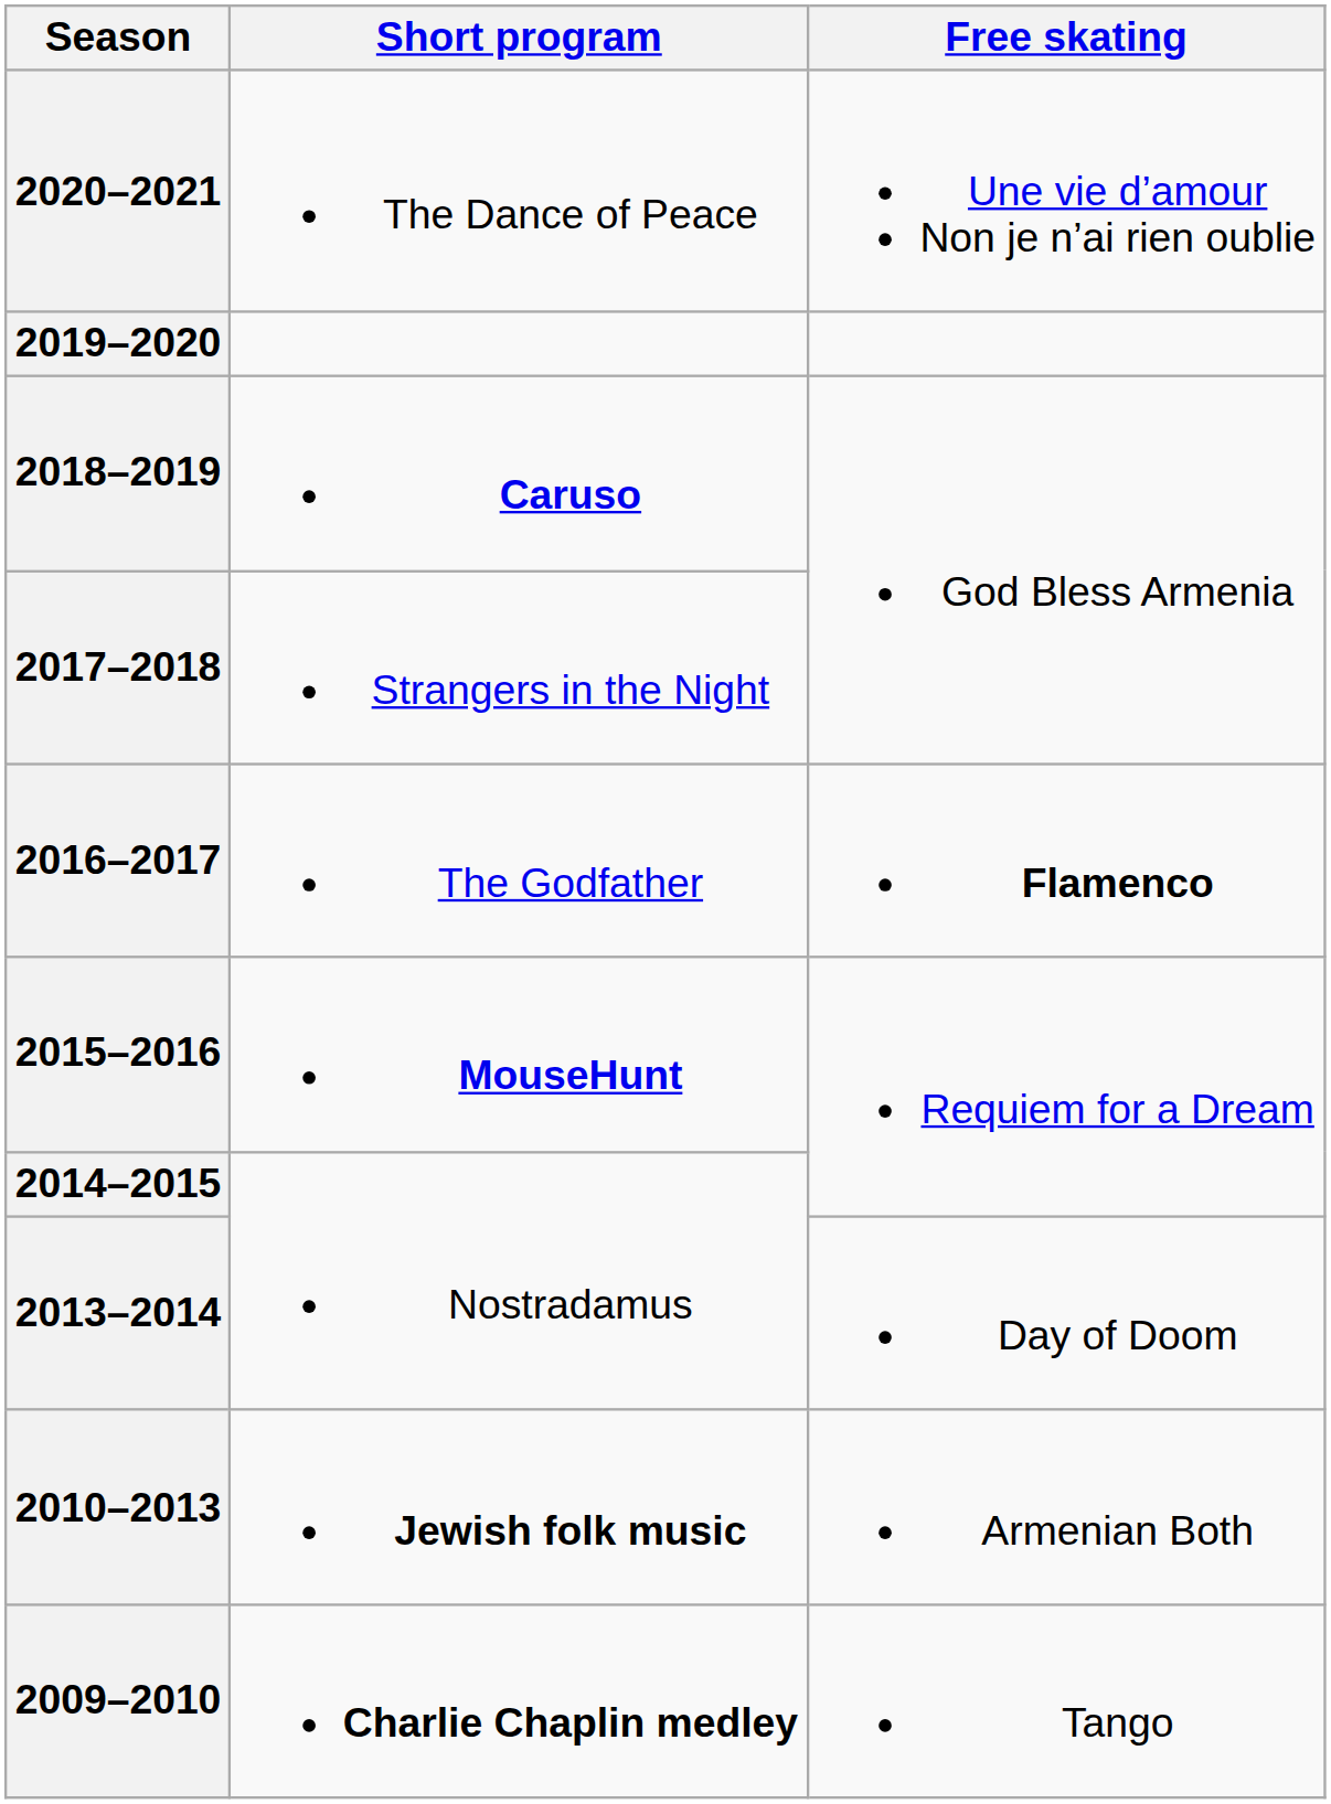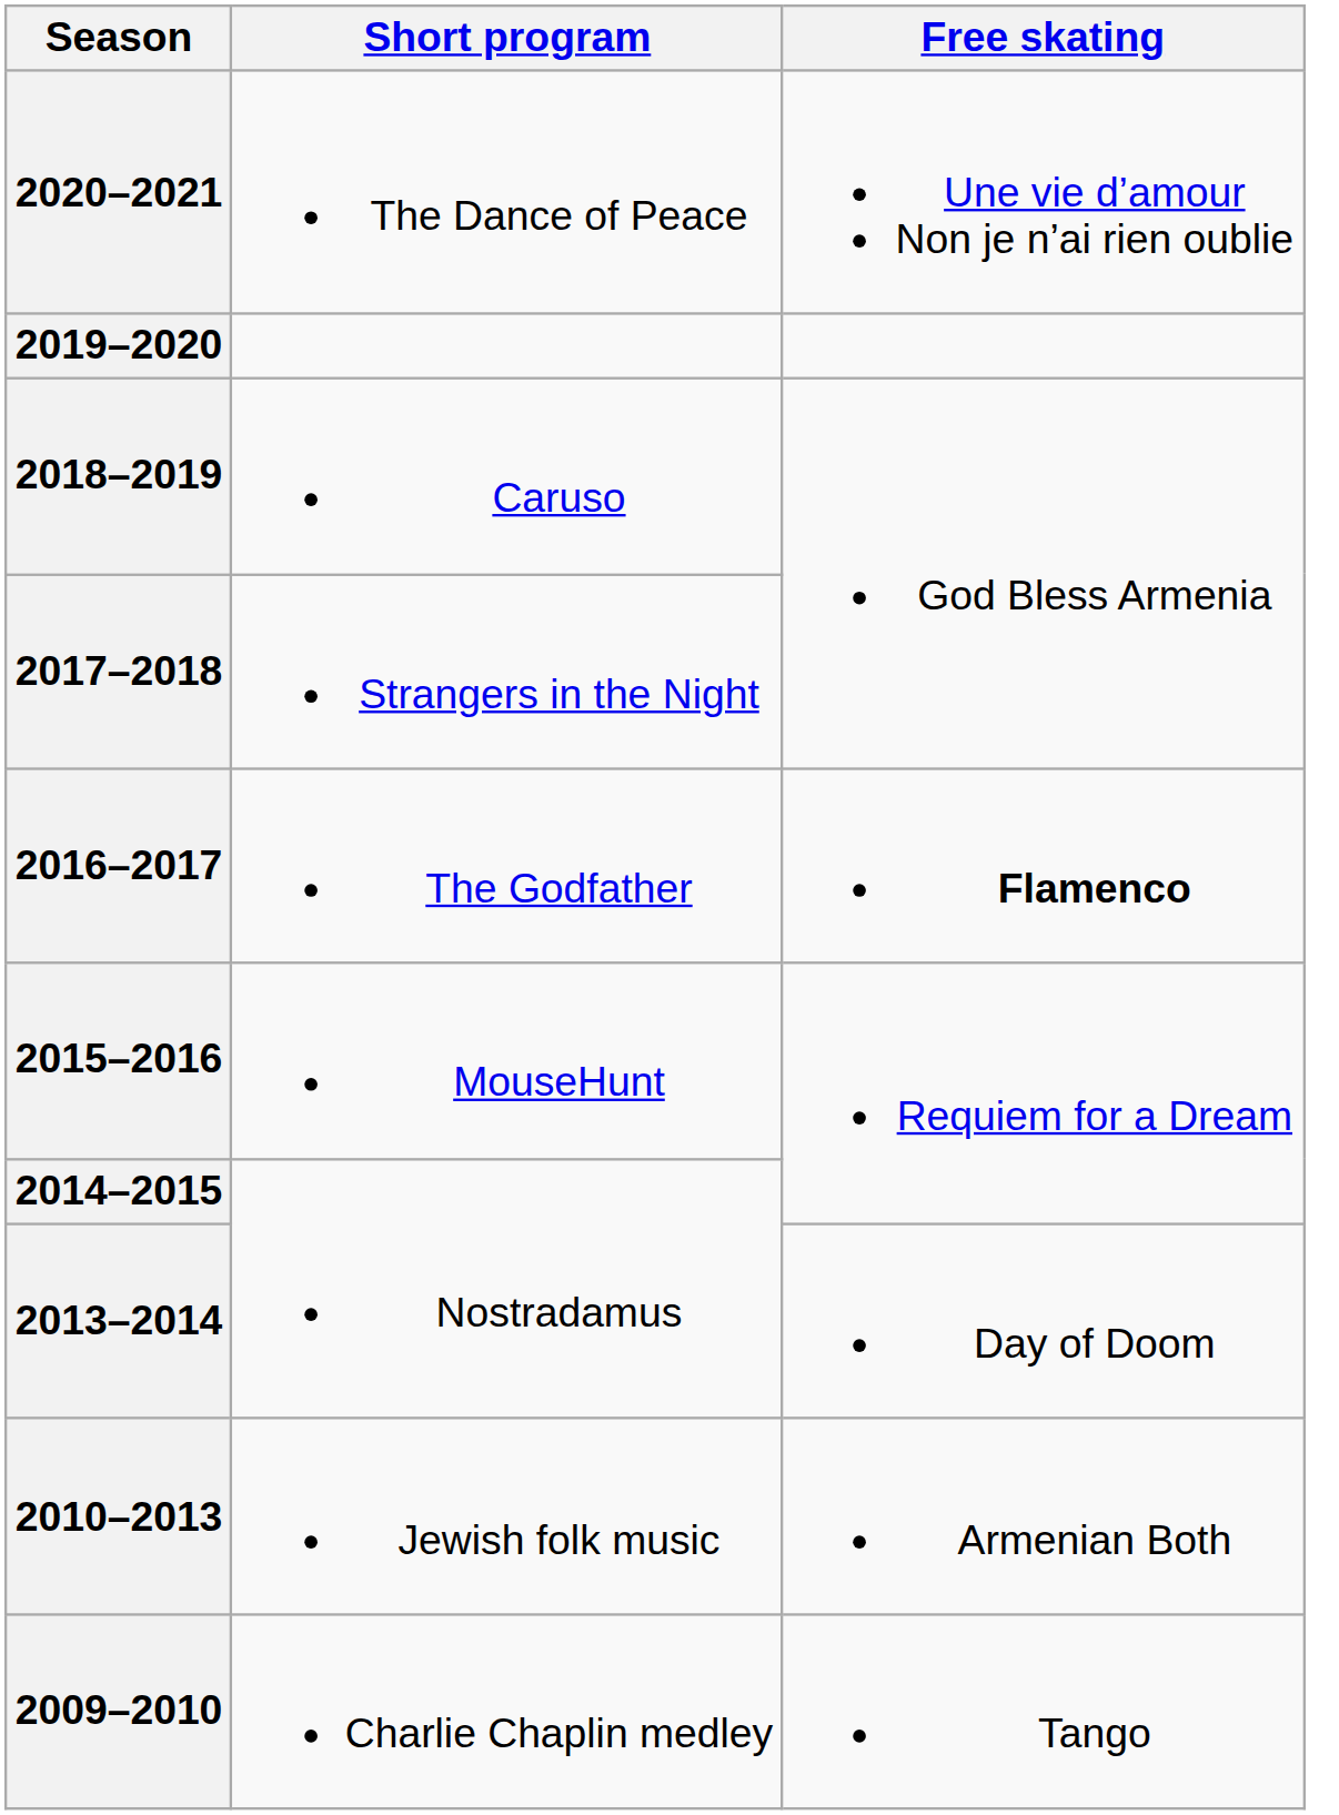 <table class=wikitable style=text-align:center>
 <tr>
 <th>Season</th>
 <th><a href='#'>Short program</a></th>
 <th><a href='#'>Free skating</a></th>
 </tr>
 <tr>
 <th>2020–2021</th>
 <td><br><ul><li>The Dance of Peace<br></li></ul></td>
 <td><br><ul><li><a href='#'>Une vie d’amour</a></li><li>Non je n’ai rien oublie<br></li></ul></td>
 </tr>
 <tr>
 <th>2019–2020</th>
 <td></td>
 <td></td>
 </tr>
 <tr>
 <th>2018–2019</th>
-<td><strong><br><ul><li><a href='#'>Caruso</a> <br></li></ul></strong></td>
+<td><br><ul><li><a href='#'>Caruso</a> <br></li></ul></td>
 <td rowspan=2><br><ul><li>God Bless Armenia <br></li></ul></td>
 </tr>
 <tr>
 <th>2017–2018 <br> </th>
 <td><br><ul><li><a href='#'>Strangers in the Night</a> <br></li></ul></td>
 </tr>
 <tr>
 <th>2016–2017 <br> </th>
 <td><br><ul><li><a href='#'>The Godfather</a> <br></li></ul></td>
 <td><strong><br><ul><li>Flamenco</li></ul></strong></td>
 </tr>
 <tr>
 <th>2015–2016 <br> </th>
-<td><strong><br><ul><li><a href='#'>MouseHunt</a> <br></li></ul></strong></td>
+<td><br><ul><li><a href='#'>MouseHunt</a> <br></li></ul></td>
 <td rowspan=2><br><ul><li><a href='#'>Requiem for a Dream</a> <br></li></ul></td>
 </tr>
 <tr>
 <th>2014–2015 <br> </th>
 <td rowspan=2><br><ul><li>Nostradamus <br></li></ul></td>
 </tr>
 <tr>
 <th>2013–2014 <br> </th>
 <td><br><ul><li>Day of Doom <br></li></ul></td>
 </tr>
 <tr>
 <th>2010–2013 <br> </th>
-<td><strong><br><ul><li>Jewish folk music</li></ul></strong></td>
+<td><br><ul><li>Jewish folk music</li></ul></td>
 <td><br><ul><li>Armenian Both <br></li></ul></td>
 </tr>
 <tr>
 <th>2009–2010 <br> </th>
-<td><strong><br><ul><li>Charlie Chaplin medley</li></ul></strong></td>
+<td><br><ul><li>Charlie Chaplin medley</li></ul></td>
 <td><br><ul><li>Tango</li></ul></td>
 </tr>
 </table>
